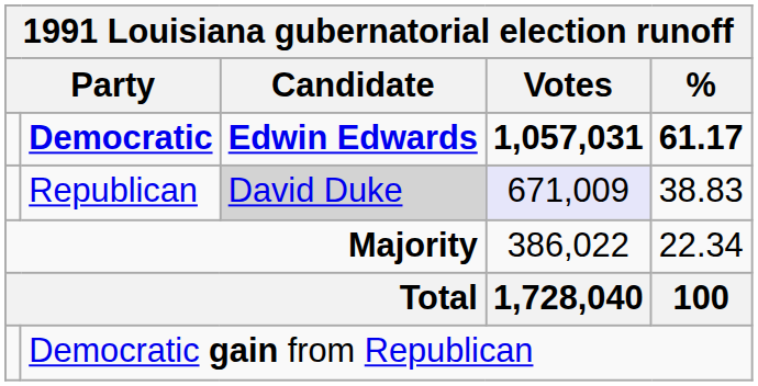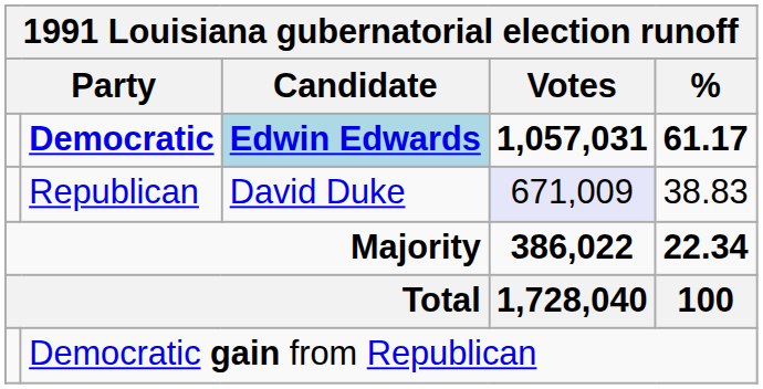 <table class=wikitable>
 <tr>
 <th colspan = 6>1991 Louisiana gubernatorial election runoff</th>
 </tr>
 <tr>
 <th colspan=2>Party</th>
 <th>Candidate</th>
 <th>Votes</th>
 <th>%</th>
 </tr>
 <tr>
 <td></td>
 <td><strong><a href='#'>Democratic</a></strong></td>
-<td><strong><a href='#'>Edwin Edwards</a></strong></td>
+<td style="background: lightblue;"><strong><a href='#'>Edwin Edwards</a></strong></td>
 <td align=center><strong>1,057,031</strong></td>
 <td align=center><strong>61.17</strong></td>
 </tr>
 <tr>
 <td></td>
 <td><a href='#'>Republican</a></td>
-<td style="background: lightgrey;"><a href='#'>David Duke</a></td>
+<td><a href='#'>David Duke</a></td>
 <td align=center style="background: lavender;">671,009</td>
 <td align=center>38.83</td>
 </tr>
 <tr>
 <td colspan=3; style="text-align:right;"><strong>Majority</strong></td>
-<td align=center>386,022</td>
-<td align=center>22.34</td>
+<td align=center><strong>386,022</strong></td>
+<td align=center><strong>22.34</strong></td>
 </tr>
 <tr>
 <th colspan=3; style="text-align:right;">Total</th>
 <th align=center>1,728,040</th>
 <th align=center>100</th>
 </tr>
 <tr>
 <td></td>
 <td colspan=6; style="text-align:left;"><a href='#'>Democratic</a> <strong>gain</strong> from <a href='#'>Republican</a></td>
 </tr>
 </table>
